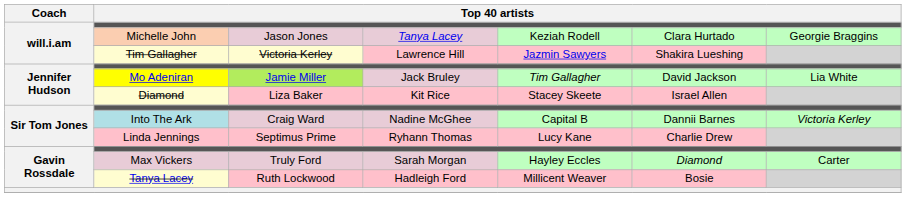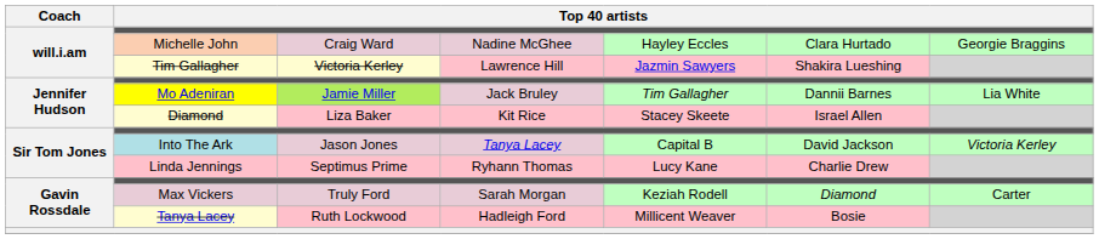 <table class="wikitable" style="text-align:center; width:100%;">
 <tr>
 <th scope="col" style="width:10%;">Coach</th>
 <th scope="col" colspan="6">Top 40 artists</th>
 </tr>
 <tr>
 <th scope="row" rowspan="3">will.i.am</th>
 <td colspan="6" style="background:#555;"></td>
 </tr>
 <tr>
 <td style="width:15%;" bgcolor="#fbceb1">Michelle John</td>
-<td style="width:15%;" bgcolor="#e8ccd7">Jason Jones</td>
-<td style="width:15%;" bgcolor="#e8ccd7"><em><a href='#'>Tanya Lacey</a></em></td>
-<td bgcolor="#bfffc0">Keziah Rodell</td>
+<td bgcolor="#e8ccd7">Craig Ward</td>
+<td bgcolor="#e8ccd7">Nadine McGhee</td>
+<td style="width:15%;" bgcolor="#bfffc0">Hayley Eccles</td>
 <td width="15%" bgcolor="#bfffc0">Clara Hurtado</td>
 <td bgcolor="#bfffc0">Georgie Braggins</td>
 </tr>
 <tr>
 <td style="background:#FFFDD0;"><s>Tim Gallagher</s></td>
 <td style="background:#FFFDD0;"><s>Victoria Kerley</s></td>
 <td style="background:pink;">Lawrence Hill</td>
 <td style="background:pink;"><a href='#'>Jazmin Sawyers</a></td>
 <td style="background:pink;">Shakira Lueshing</td>
 <td style="background:lightgrey;"></td>
 </tr>
 <tr>
 <th scope="row" rowspan="3">Jennifer Hudson</th>
 <td colspan="6" style="background:#555;"></td>
 </tr>
 <tr>
 <td bgcolor="Yellow"><a href='#'>Mo Adeniran</a></td>
 <td bgcolor="#b2ec5d"><a href='#'>Jamie Miller</a></td>
 <td bgcolor="#e8ccd7">Jack Bruley</td>
 <td bgcolor="#bfffc0"><em>Tim Gallagher</em></td>
-<td bgcolor="#bfffc0">David Jackson</td>
+<td bgcolor="#bfffc0">Dannii Barnes</td>
 <td width="15%" bgcolor="#bfffc0">Lia White</td>
 </tr>
 <tr>
 <td style="background:#FFFDD0;"><s>Diamond</s></td>
 <td style="background:pink;">Liza Baker</td>
 <td style="background:pink;">Kit Rice</td>
 <td style="background:pink;">Stacey Skeete</td>
 <td style="background:pink;">Israel Allen</td>
 <td style="background:lightgrey;"></td>
 </tr>
 <tr>
 <th scope="row" rowspan="3">Sir Tom Jones</th>
 <td colspan="6" style="background:#555;"></td>
 </tr>
 <tr>
 <td bgcolor="#b0e0e6">Into The Ark</td>
-<td bgcolor="#e8ccd7">Craig Ward</td>
-<td bgcolor="#e8ccd7">Nadine McGhee</td>
+<td style="width:15%;" bgcolor="#e8ccd7">Jason Jones</td>
+<td style="width:15%;" bgcolor="#e8ccd7"><em><a href='#'>Tanya Lacey</a></em></td>
 <td bgcolor="#bfffc0">Capital B</td>
-<td bgcolor="#bfffc0">Dannii Barnes</td>
+<td bgcolor="#bfffc0">David Jackson</td>
 <td bgcolor="#bfffc0"><em>Victoria Kerley</em></td>
 </tr>
 <tr>
 <td style="background:pink;">Linda Jennings</td>
 <td style="background:pink;">Septimus Prime</td>
 <td style="background:pink;">Ryhann Thomas</td>
 <td style="background:pink;">Lucy Kane</td>
 <td style="background:pink;">Charlie Drew</td>
 <td style="background:lightgrey;"></td>
 </tr>
 <tr>
 <th scope="row" rowspan="3">Gavin Rossdale</th>
 <td colspan="6" style="background:#555;"></td>
 </tr>
 <tr>
 <td bgcolor="#e8ccd7">Max Vickers</td>
 <td bgcolor="#e8ccd7">Truly Ford</td>
 <td bgcolor="#e8ccd7">Sarah Morgan</td>
-<td style="width:15%;" bgcolor="#bfffc0">Hayley Eccles</td>
+<td bgcolor="#bfffc0">Keziah Rodell</td>
 <td bgcolor="#bfffc0"><em>Diamond</em></td>
 <td bgcolor="#bfffc0">Carter</td>
 </tr>
 <tr>
 <td style="background:#FFFDD0;"><s><a href='#'>Tanya Lacey</a></s></td>
 <td style="background:pink;">Ruth Lockwood</td>
 <td style="background:pink;">Hadleigh Ford</td>
 <td style="background:pink;">Millicent Weaver</td>
 <td style="background:pink;">Bosie</td>
 <td style="background:lightgrey;"></td>
 </tr>
 <tr>
 <th style="font-size:90%; line-height:12px;" colspan="7"><small></small></th>
 </tr>
 <tr>
 </tr>
 </table>
